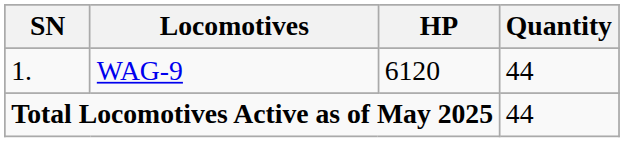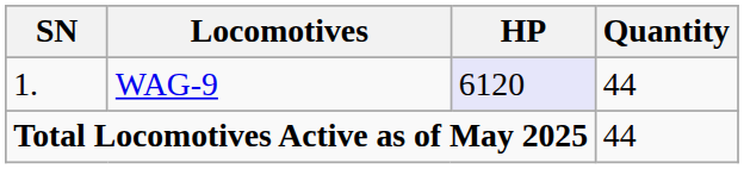 <table class="wikitable">
 <tr>
 <th>SN</th>
 <th>Locomotives</th>
 <th>HP</th>
 <th>Quantity</th>
 </tr>
 <tr>
 <td>1.</td>
 <td><a href='#'>WAG-9</a></td>
-<td>6120</td>
+<td style="background: lavender;">6120</td>
 <td>44</td>
 </tr>
 <tr>
 <td colspan="3"><strong>Total Locomotives Active as of</strong> <strong>May 2025</strong></td>
 <td>44</td>
 </tr>
 </table>
